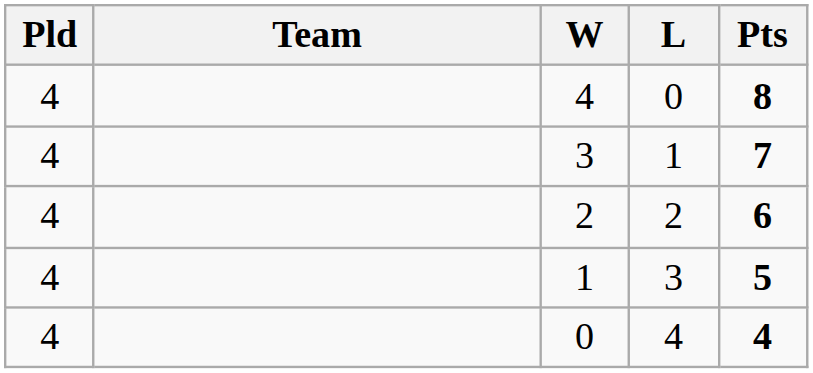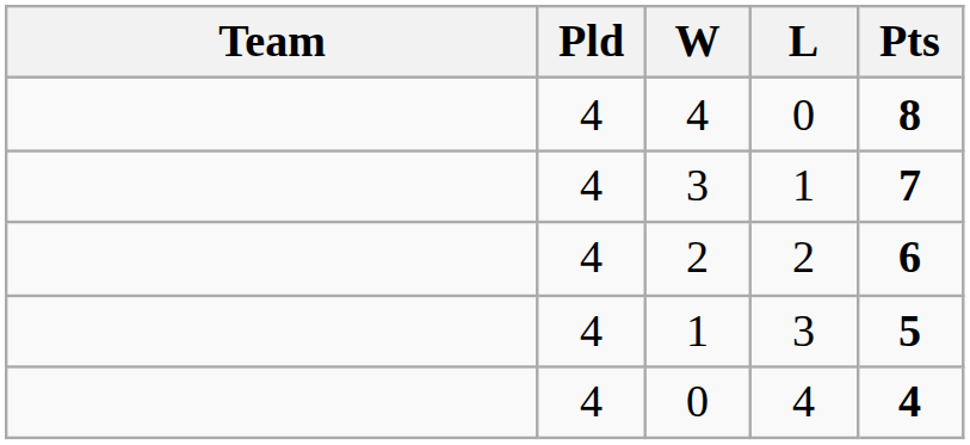 <table class="wikitable" style="text-align:center;">
 <tr>
+<th width=180>Team</th>
 <th width=30>Pld</th>
-<th width=180>Team</th>
 <th width=30>W</th>
 <th width=30>L</th>
 <th width=30>Pts</th>
 </tr>
 <tr>
+<td align=left></td>
 <td>4</td>
-<td align=left></td>
 <td>4</td>
 <td>0</td>
 <td><strong>8</strong></td>
 </tr>
 <tr>
+<td align=left></td>
 <td>4</td>
-<td align=left></td>
 <td>3</td>
 <td>1</td>
 <td><strong>7</strong></td>
 </tr>
 <tr>
+<td align=left></td>
 <td>4</td>
-<td align=left></td>
 <td>2</td>
 <td>2</td>
 <td><strong>6</strong></td>
 </tr>
 <tr>
+<td align=left></td>
 <td>4</td>
-<td align=left></td>
 <td>1</td>
 <td>3</td>
 <td><strong>5</strong></td>
 </tr>
 <tr>
+<td align=left></td>
 <td>4</td>
-<td align=left></td>
 <td>0</td>
 <td>4</td>
 <td><strong>4</strong></td>
 </tr>
 </table>
